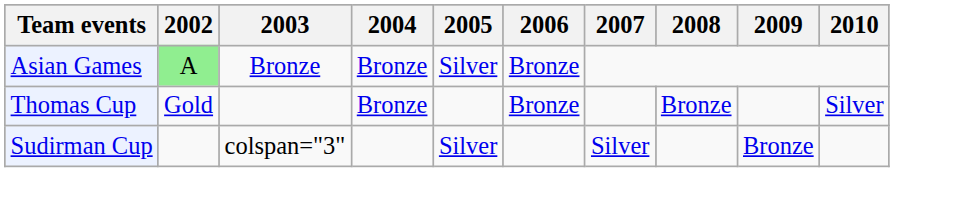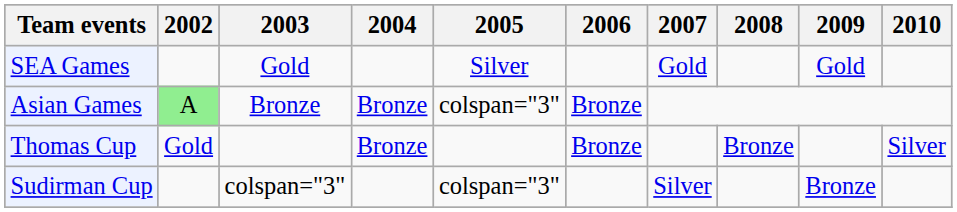 <table class="wikitable" style="font-size: 90%; text-align:center">
 <tr>
 <th>Team events</th>
 <th>2002</th>
 <th>2003</th>
 <th>2004</th>
 <th>2005</th>
 <th>2006</th>
 <th>2007</th>
 <th>2008</th>
 <th>2009</th>
 <th>2010</th>
 </tr>
 <tr>
+<td bgcolor="#ECF2FF"; align="left"><a href='#'>SEA Games</a></td>
+<td></td>
+<td> <a href='#'>Gold</a></td>
+<td></td>
+<td> <a href='#'>Silver</a></td>
+<td></td>
+<td> <a href='#'>Gold</a></td>
+<td></td>
+<td> <a href='#'>Gold</a></td>
+<td></td>
+</tr>
+<tr>
 <td bgcolor="#ECF2FF"; align="left"><a href='#'>Asian Games</a></td>
 <td style="background: lightgreen;">A</td>
 <td> <a href='#'>Bronze</a></td>
 <td> <a href='#'>Bronze</a></td>
-<td> <a href='#'>Silver</a></td>
+<td>colspan="3" </td>
 <td> <a href='#'>Bronze</a></td>
 </tr>
 <tr>
 <td bgcolor="#ECF2FF"; align="left"><a href='#'>Thomas Cup</a></td>
 <td> <a href='#'>Gold</a></td>
 <td></td>
 <td> <a href='#'>Bronze</a></td>
 <td></td>
 <td> <a href='#'>Bronze</a></td>
 <td></td>
 <td> <a href='#'>Bronze</a></td>
 <td></td>
 <td> <a href='#'>Silver</a></td>
 </tr>
 <tr>
 <td bgcolor="#ECF2FF"; align="left"><a href='#'>Sudirman Cup</a></td>
 <td></td>
 <td>colspan="3" </td>
 <td></td>
-<td> <a href='#'>Silver</a></td>
+<td>colspan="3" </td>
 <td></td>
 <td> <a href='#'>Silver</a></td>
 <td></td>
 <td> <a href='#'>Bronze</a></td>
 <td></td>
 </tr>
 </table>
